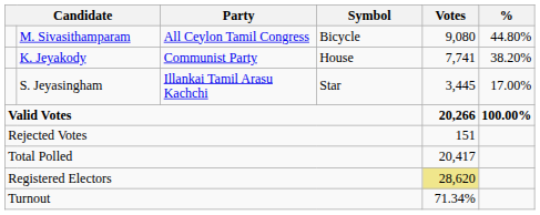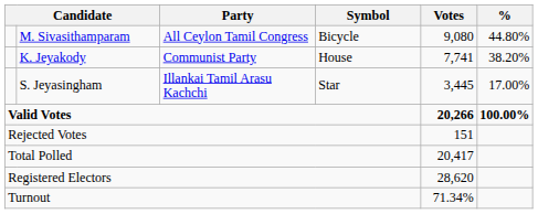 <table class="wikitable" border="1" style="text-align:right;">
 <tr>
 <th align=left colspan=2 width="180">Candidate</th>
 <th align=left width="180">Party</th>
 <th align=left width="120">Symbol</th>
 <th align=left width="60">Votes</th>
 <th align=left width="60">%</th>
 </tr>
 <tr>
 <td bgcolor=> </td>
 <td align=left><a href='#'>M. Sivasithamparam</a></td>
 <td align=left><a href='#'>All Ceylon Tamil Congress</a></td>
 <td align=left>Bicycle</td>
 <td>9,080</td>
 <td>44.80%</td>
 </tr>
 <tr>
 <td bgcolor=> </td>
 <td align=left><a href='#'>K. Jeyakody</a></td>
 <td align=left><a href='#'>Communist Party</a></td>
 <td align=left>House</td>
 <td>7,741</td>
 <td>38.20%</td>
 </tr>
 <tr>
 <td bgcolor=> </td>
 <td align=left>S. Jeyasingham</td>
 <td align=left><a href='#'>Illankai Tamil Arasu Kachchi</a></td>
 <td align=left>Star</td>
 <td>3,445</td>
 <td>17.00%</td>
 </tr>
 <tr>
 <td align=left colspan=4><strong>Valid Votes</strong></td>
 <td><strong>20,266</strong></td>
 <td><strong>100.00%</strong></td>
 </tr>
 <tr>
 <td align=left colspan=4>Rejected Votes</td>
 <td>151</td>
 <td></td>
 </tr>
 <tr>
 <td align=left colspan=4>Total Polled</td>
 <td>20,417</td>
 <td></td>
 </tr>
 <tr>
 <td align=left colspan=4>Registered Electors</td>
-<td style="background: khaki;">28,620</td>
+<td>28,620</td>
 <td></td>
 </tr>
 <tr>
 <td align=left colspan=4>Turnout</td>
 <td>71.34%</td>
 </tr>
 </table>
